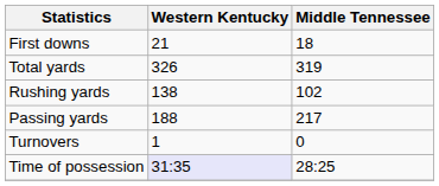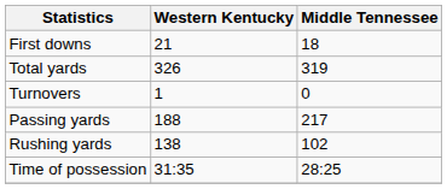 <table class="wikitable">
 <tr>
 <th>Statistics</th>
 <th>Western Kentucky</th>
 <th>Middle Tennessee</th>
 </tr>
 <tr>
 <td>First downs</td>
 <td>21</td>
 <td>18</td>
 </tr>
 <tr>
 <td>Total yards</td>
 <td>326</td>
 <td>319</td>
 </tr>
 <tr>
-<td>Rushing yards</td>
-<td>138</td>
-<td>102</td>
+<td>Turnovers</td>
+<td>1</td>
+<td>0</td>
 </tr>
 <tr>
 <td>Passing yards</td>
 <td>188</td>
 <td>217</td>
 </tr>
 <tr>
-<td>Turnovers</td>
-<td>1</td>
-<td>0</td>
+<td>Rushing yards</td>
+<td>138</td>
+<td>102</td>
 </tr>
 <tr>
 <td>Time of possession</td>
-<td style="background: lavender;">31:35</td>
+<td>31:35</td>
 <td>28:25</td>
 </tr>
 <tr>
 </tr>
 </table>
